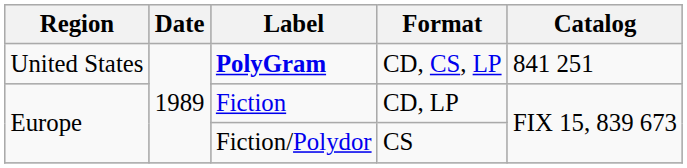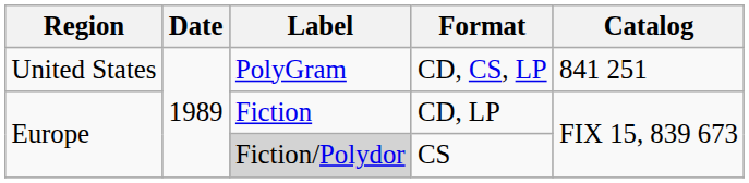 <table class="wikitable">
 <tr>
 <th>Region</th>
 <th>Date</th>
 <th>Label</th>
 <th>Format</th>
 <th>Catalog</th>
 </tr>
 <tr>
 <td rowspan="2">United States</td>
 <td rowspan="4">1989</td>
-<td><strong><a href='#'>PolyGram</a></strong></td>
+<td><a href='#'>PolyGram</a></td>
 <td rowspan="2">CD, <a href='#'>CS</a>, <a href='#'>LP</a></td>
 <td rowspan="2">841 251</td>
 </tr>
 <tr>
 <td rowspan="2"><a href='#'>Fiction</a></td>
 </tr>
 <tr>
 <td rowspan="2">Europe</td>
 <td>CD, LP</td>
 <td rowspan="2">FIX 15, 839 673</td>
 </tr>
 <tr>
-<td>Fiction/<a href='#'>Polydor</a></td>
+<td style="background: lightgrey;">Fiction/<a href='#'>Polydor</a></td>
 <td>CS</td>
 </tr>
 </table>
